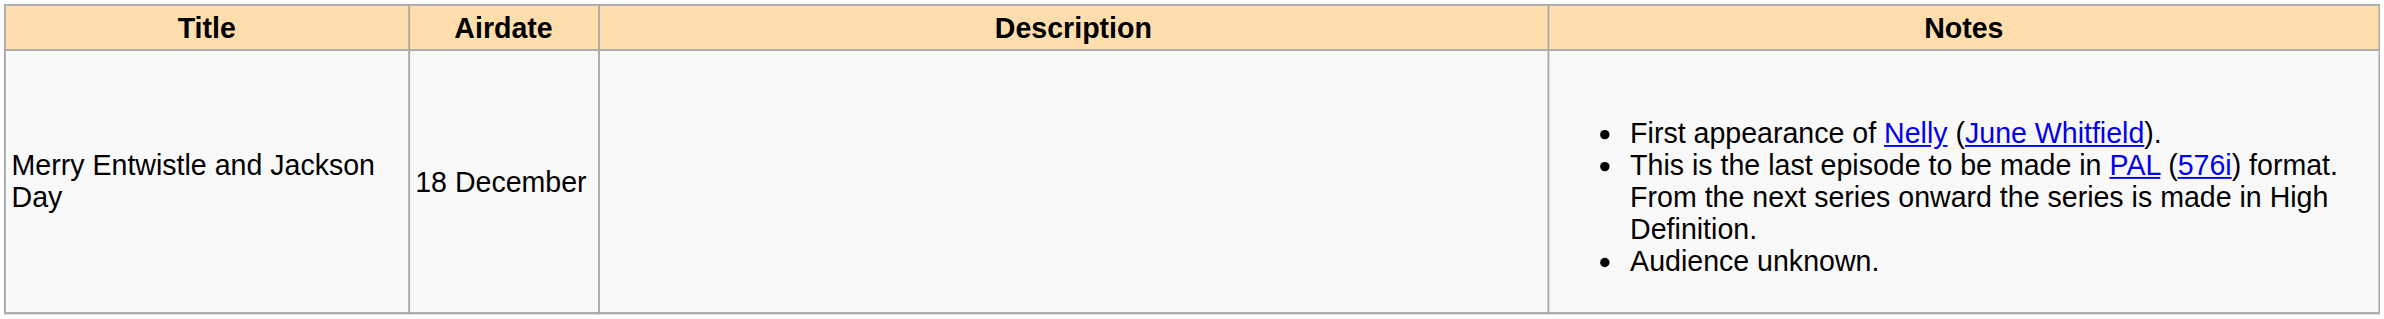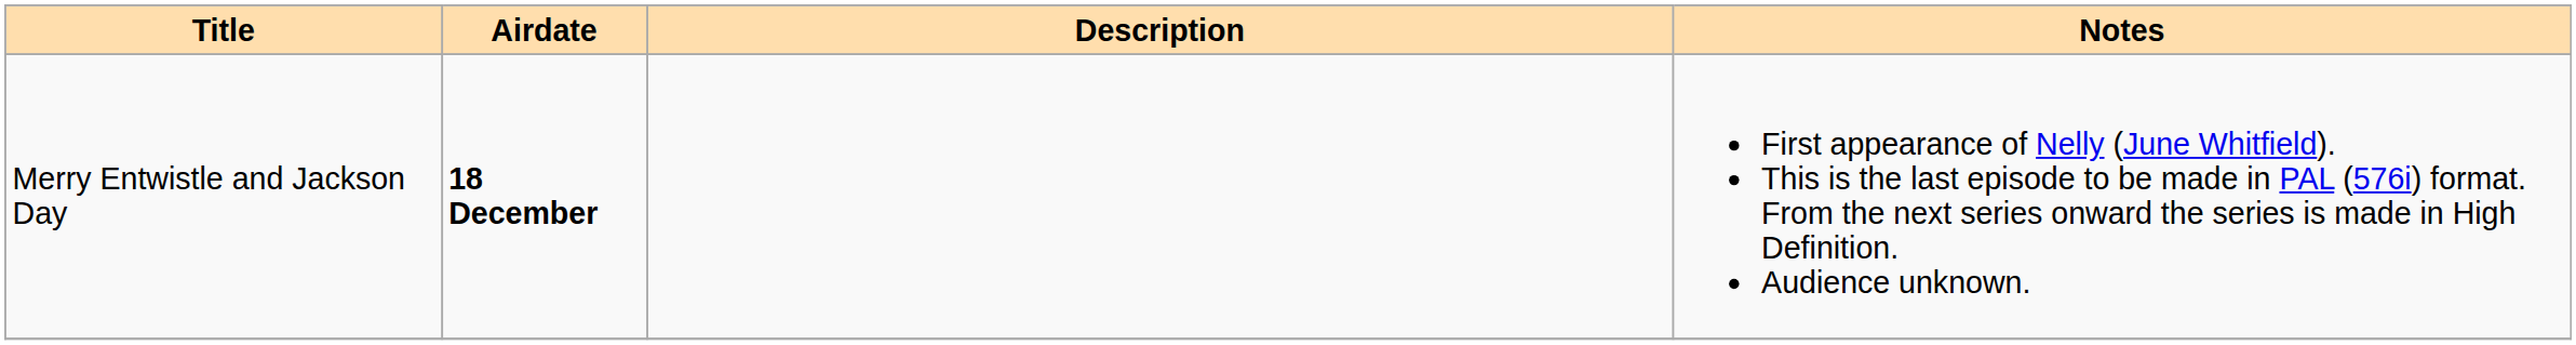 <table class="wikitable" width=100% border=1 style="font-size: 95%">
 <tr>
 <th style="background:#ffdead" width=17%>Title</th>
 <th style="background:#ffdead" width=8%>Airdate</th>
 <th style="background:#ffdead" width=40%>Description</th>
 <th style="background:#ffdead" width=35%>Notes</th>
 </tr>
 <tr>
 <td>Merry Entwistle and Jackson Day</td>
-<td>18 December</td>
+<td><strong>18 December</strong></td>
 <td></td>
 <td><br><ul><li>First appearance of <a href='#'>Nelly</a> (<a href='#'>June Whitfield</a>).</li><li>This is the last episode to be made in <a href='#'>PAL</a> (<a href='#'>576i</a>) format. From the next series onward the series is made in High Definition.</li><li>Audience unknown.</li></ul></td>
 </tr>
 <tr>
 </tr>
 </table>
